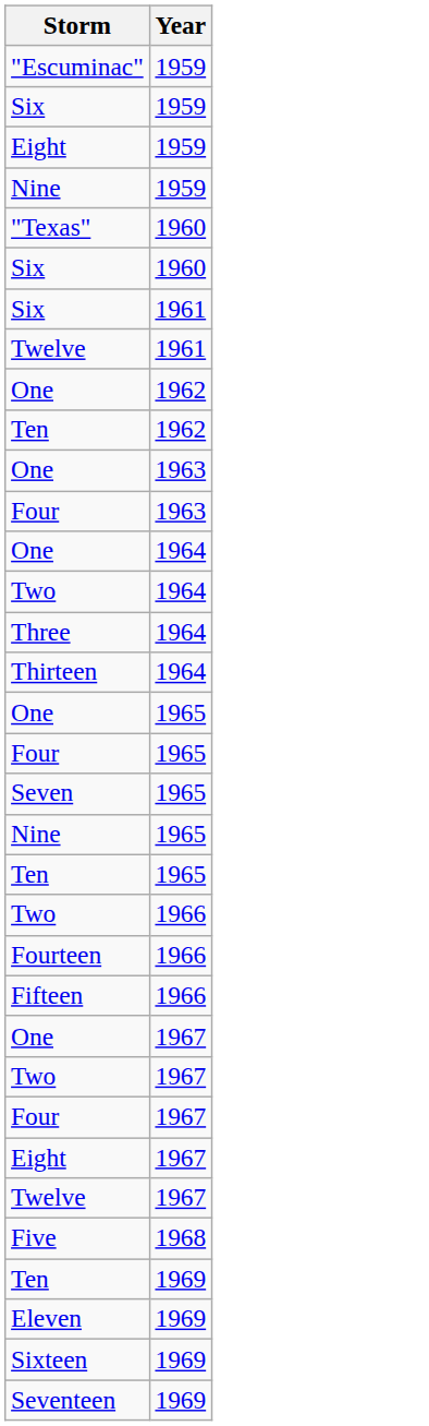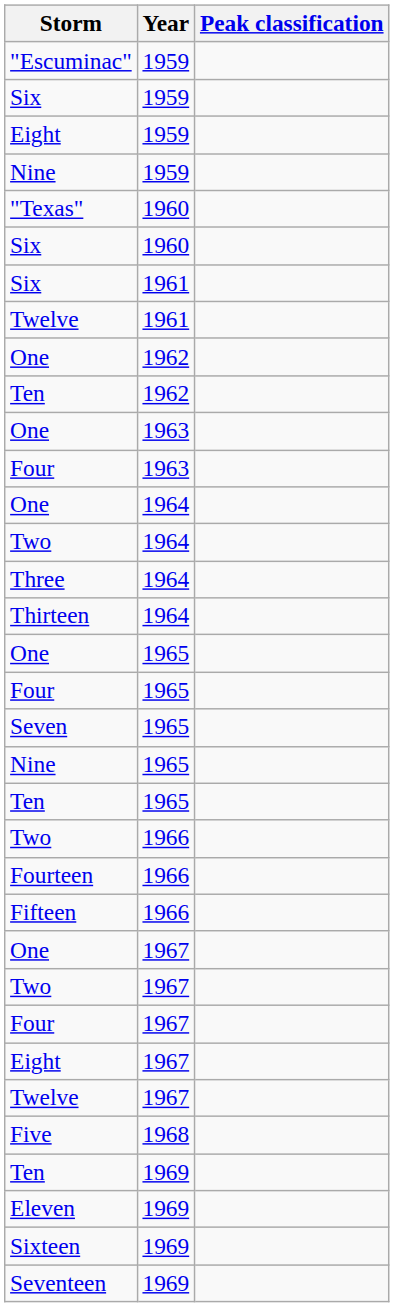 <table class="wikitable" style="display: inline-table; margin-center: 33px;">
 <tr>
 <th>Storm</th>
 <th>Year</th>
+<th><a href='#'>Peak classification</a></th>
 </tr>
 <tr>
 <td><a href='#'>"Escuminac"</a></td>
 <td><a href='#'>1959</a></td>
+<td></td>
 </tr>
 <tr>
 <td><a href='#'>Six</a></td>
 <td><a href='#'>1959</a></td>
+<td></td>
 </tr>
 <tr>
 <td><a href='#'>Eight</a></td>
 <td><a href='#'>1959</a></td>
+<td></td>
 </tr>
 <tr>
 <td><a href='#'>Nine</a></td>
 <td><a href='#'>1959</a></td>
+<td></td>
 </tr>
 <tr>
 <td><a href='#'>"Texas"</a></td>
 <td><a href='#'>1960</a></td>
+<td></td>
 </tr>
 <tr>
 <td><a href='#'>Six</a></td>
 <td><a href='#'>1960</a></td>
+<td></td>
 </tr>
 <tr>
 <td><a href='#'>Six</a></td>
 <td><a href='#'>1961</a></td>
+<td></td>
 </tr>
 <tr>
 <td><a href='#'>Twelve</a></td>
 <td><a href='#'>1961</a></td>
+<td></td>
 </tr>
 <tr>
 <td><a href='#'>One</a></td>
 <td><a href='#'>1962</a></td>
+<td></td>
 </tr>
 <tr>
 <td><a href='#'>Ten</a></td>
 <td><a href='#'>1962</a></td>
+<td></td>
 </tr>
 <tr>
 <td><a href='#'>One</a></td>
 <td><a href='#'>1963</a></td>
+<td></td>
 </tr>
 <tr>
 <td><a href='#'>Four</a></td>
 <td><a href='#'>1963</a></td>
+<td></td>
 </tr>
 <tr>
 <td><a href='#'>One</a></td>
 <td><a href='#'>1964</a></td>
+<td></td>
 </tr>
 <tr>
 <td><a href='#'>Two</a></td>
 <td><a href='#'>1964</a></td>
+<td></td>
 </tr>
 <tr>
 <td><a href='#'>Three</a></td>
 <td><a href='#'>1964</a></td>
+<td></td>
 </tr>
 <tr>
 <td><a href='#'>Thirteen</a></td>
 <td><a href='#'>1964</a></td>
+<td></td>
 </tr>
 <tr>
 <td><a href='#'>One</a></td>
 <td><a href='#'>1965</a></td>
+<td></td>
 </tr>
 <tr>
 <td><a href='#'>Four</a></td>
 <td><a href='#'>1965</a></td>
+<td></td>
 </tr>
 <tr>
 <td><a href='#'>Seven</a></td>
 <td><a href='#'>1965</a></td>
+<td></td>
 </tr>
 <tr>
 <td><a href='#'>Nine</a></td>
 <td><a href='#'>1965</a></td>
+<td></td>
 </tr>
 <tr>
 <td><a href='#'>Ten</a></td>
 <td><a href='#'>1965</a></td>
+<td></td>
 </tr>
 <tr>
 <td><a href='#'>Two</a></td>
 <td><a href='#'>1966</a></td>
+<td></td>
 </tr>
 <tr>
 <td><a href='#'>Fourteen</a></td>
 <td><a href='#'>1966</a></td>
+<td></td>
 </tr>
 <tr>
 <td><a href='#'>Fifteen</a></td>
 <td><a href='#'>1966</a></td>
+<td></td>
 </tr>
 <tr>
 <td><a href='#'>One</a></td>
 <td><a href='#'>1967</a></td>
+<td></td>
 </tr>
 <tr>
 <td><a href='#'>Two</a></td>
 <td><a href='#'>1967</a></td>
+<td></td>
 </tr>
 <tr>
 <td><a href='#'>Four</a></td>
 <td><a href='#'>1967</a></td>
+<td></td>
 </tr>
 <tr>
 <td><a href='#'>Eight</a></td>
 <td><a href='#'>1967</a></td>
+<td></td>
 </tr>
 <tr>
 <td><a href='#'>Twelve</a></td>
 <td><a href='#'>1967</a></td>
+<td></td>
 </tr>
 <tr>
 <td><a href='#'>Five</a></td>
 <td><a href='#'>1968</a></td>
+<td></td>
 </tr>
 <tr>
 <td><a href='#'>Ten</a></td>
 <td><a href='#'>1969</a></td>
+<td></td>
 </tr>
 <tr>
 <td><a href='#'>Eleven</a></td>
 <td><a href='#'>1969</a></td>
+<td></td>
 </tr>
 <tr>
 <td><a href='#'>Sixteen</a></td>
 <td><a href='#'>1969</a></td>
+<td></td>
 </tr>
 <tr>
 <td><a href='#'>Seventeen</a></td>
 <td><a href='#'>1969</a></td>
+<td></td>
 </tr>
 </table>
